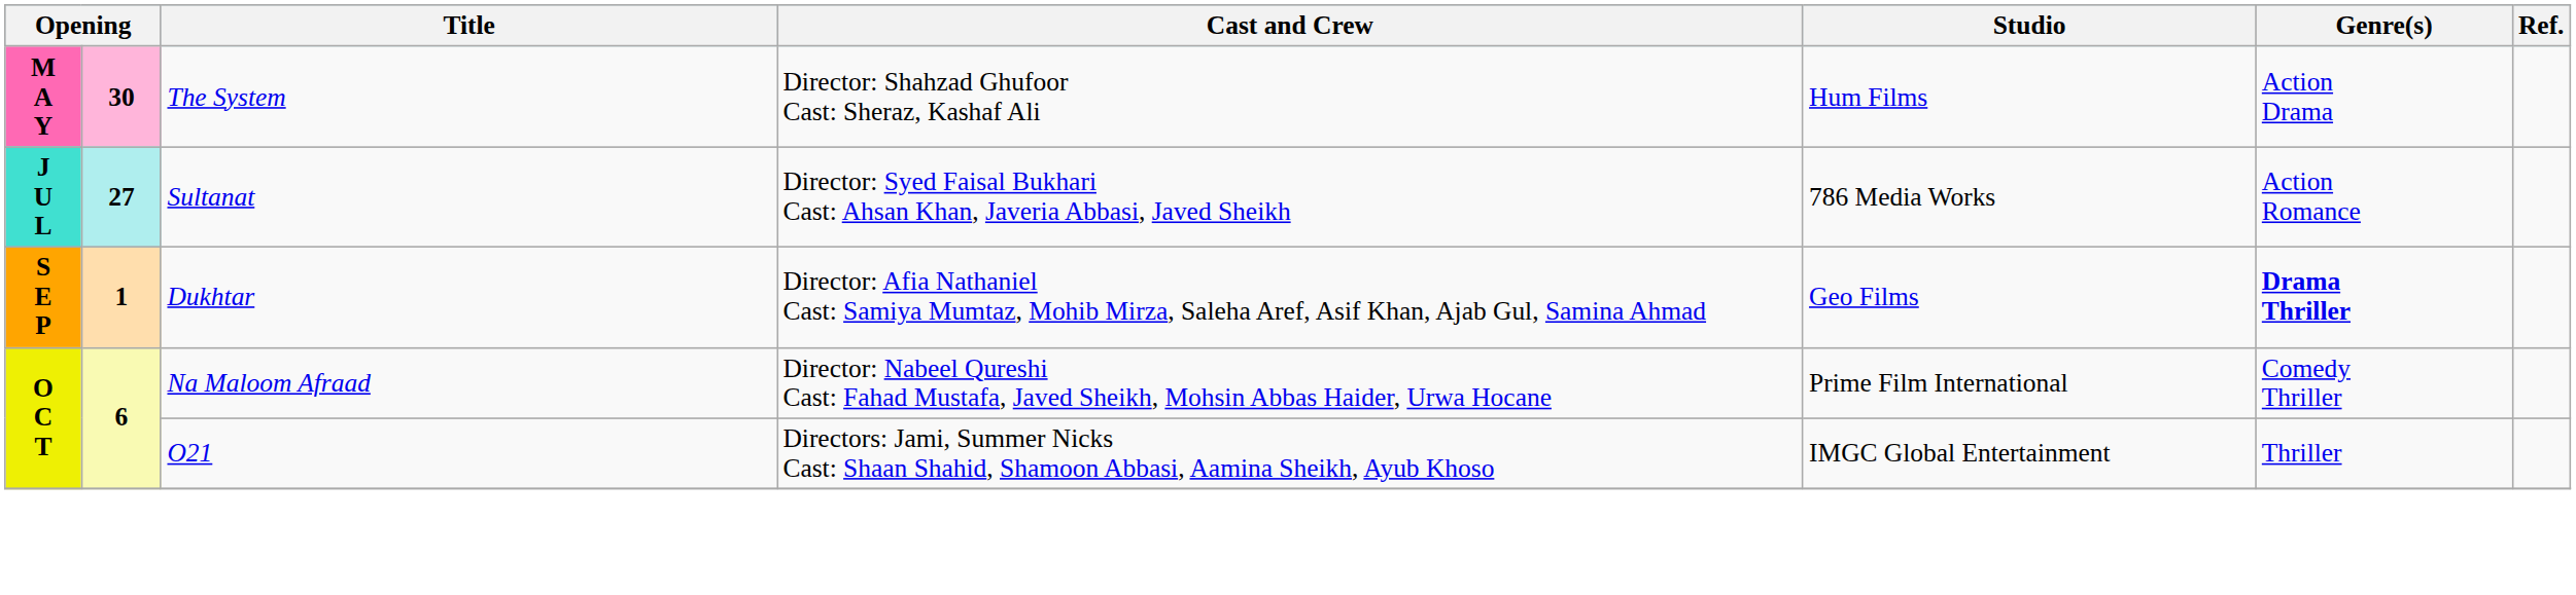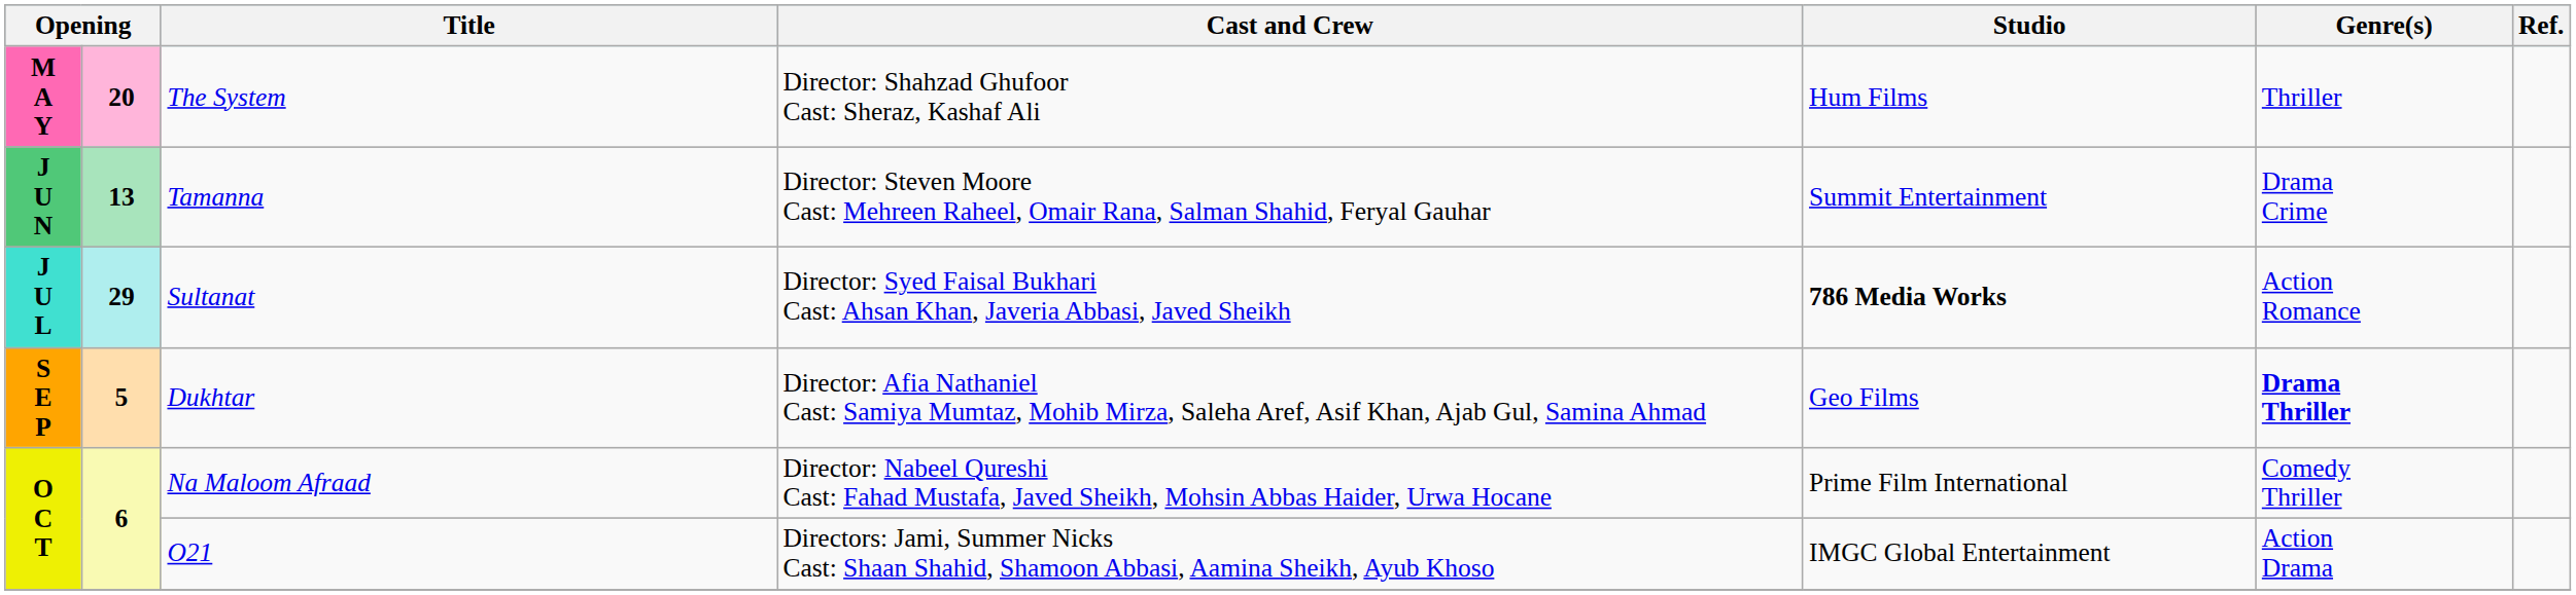 <table class="wikitable">
 <tr style="background:#b0e0e6; text-align:center;">
 <th colspan="2">Opening</th>
 <th style="width:24%;">Title</th>
 <th style="width:40%;">Cast and Crew</th>
 <th>Studio</th>
 <th style="width:10%;">Genre(s)</th>
 <th style="width:2%;">Ref.</th>
 </tr>
 <tr>
 <td rowspan="1" style="text-align:center; background:hotPink;"><strong>M<br>A<br>Y</strong></td>
-<td rowspan="1" style="text-align:center; textcolor:#000; background:#ffb5da;"><strong>30</strong></td>
+<td rowspan="1" style="text-align:center; textcolor:#000; background:#ffb5da;"><strong>20</strong></td>
 <td><em><a href='#'>The System</a></em></td>
 <td>Director: Shahzad Ghufoor <br> Cast: Sheraz, Kashaf Ali</td>
 <td><a href='#'>Hum Films</a></td>
-<td><a href='#'>Action</a> <br> <a href='#'>Drama</a></td>
+<td><a href='#'>Thriller</a></td>
+<td style="text-align:center"></td>
+</tr>
+<tr>
+<td rowspan="1" style="text-align:center; background:#50c878;"><strong>J<br>U<br>N</strong></td>
+<td rowspan="1" style="text-align:center; textcolor:#000; background:#a8e4bc;"><strong>13</strong></td>
+<td><em><a href='#'>Tamanna</a></em></td>
+<td>Director: Steven Moore <br> Cast: <a href='#'>Mehreen Raheel</a>, <a href='#'>Omair Rana</a>, <a href='#'>Salman Shahid</a>, Feryal Gauhar</td>
+<td><a href='#'>Summit Entertainment</a></td>
+<td><a href='#'>Drama</a> <br> <a href='#'>Crime</a></td>
 <td style="text-align:center"></td>
 </tr>
 <tr>
 <td rowspan="1" style="text-align:center; background:#40e0d0; textcolor:#000;"><strong>J<br>U<br>L</strong></td>
-<td rowspan="1" style="text-align:center; textcolor:#000; background:#afeeee;"><strong>27</strong></td>
+<td rowspan="1" style="text-align:center; textcolor:#000; background:#afeeee;"><strong>29</strong></td>
 <td><em><a href='#'>Sultanat</a></em></td>
 <td>Director: <a href='#'>Syed Faisal Bukhari</a> <br> Cast: <a href='#'>Ahsan Khan</a>, <a href='#'>Javeria Abbasi</a>, <a href='#'>Javed Sheikh</a></td>
-<td>786 Media Works</td>
+<td><strong>786 Media Works</strong></td>
 <td><a href='#'>Action</a> <br> <a href='#'>Romance</a></td>
 <td style="text-align:center"></td>
 </tr>
 <tr>
 <td rowspan="1" style="text-align:center; background:orange; textcolor:#000;"><strong>S<br>E<br>P</strong></td>
-<td rowspan="1" style="text-align:center; textcolor:#000; background:#ffdead;"><strong>1</strong></td>
+<td rowspan="1" style="text-align:center; textcolor:#000; background:#ffdead;"><strong>5</strong></td>
 <td><em><a href='#'>Dukhtar</a></em></td>
 <td>Director: <a href='#'>Afia Nathaniel</a> <br> Cast: <a href='#'>Samiya Mumtaz</a>, <a href='#'>Mohib Mirza</a>, Saleha Aref, Asif Khan, Ajab Gul, <a href='#'>Samina Ahmad</a></td>
 <td><a href='#'>Geo Films</a></td>
 <td><strong><a href='#'>Drama</a> <br> <a href='#'>Thriller</a></strong></td>
 <td style="text-align:center"></td>
 </tr>
 <tr>
 <td rowspan="2" style="text-align:center; background:#eef003;"><strong>O<br>C<br>T</strong></td>
 <td rowspan="2" style="text-align:center; textcolor:#000; background:#f9fab3;"><strong>6</strong></td>
 <td><em><a href='#'>Na Maloom Afraad</a></em></td>
 <td>Director: <a href='#'>Nabeel Qureshi</a> <br> Cast: <a href='#'>Fahad Mustafa</a>, <a href='#'>Javed Sheikh</a>, <a href='#'>Mohsin Abbas Haider</a>, <a href='#'>Urwa Hocane</a></td>
 <td>Prime Film International</td>
 <td><a href='#'>Comedy</a> <br> <a href='#'>Thriller</a></td>
 <td style="text-align:center"></td>
 </tr>
 <tr>
 <td><em><a href='#'>O21</a></em></td>
 <td>Directors: Jami, Summer Nicks <br> Cast: <a href='#'>Shaan Shahid</a>, <a href='#'>Shamoon Abbasi</a>, <a href='#'>Aamina Sheikh</a>, <a href='#'>Ayub Khoso</a></td>
 <td>IMGC Global Entertainment</td>
-<td><a href='#'>Thriller</a></td>
+<td><a href='#'>Action</a> <br> <a href='#'>Drama</a></td>
 <td style="text-align:center"></td>
 </tr>
 <tr>
 </tr>
 </table>
